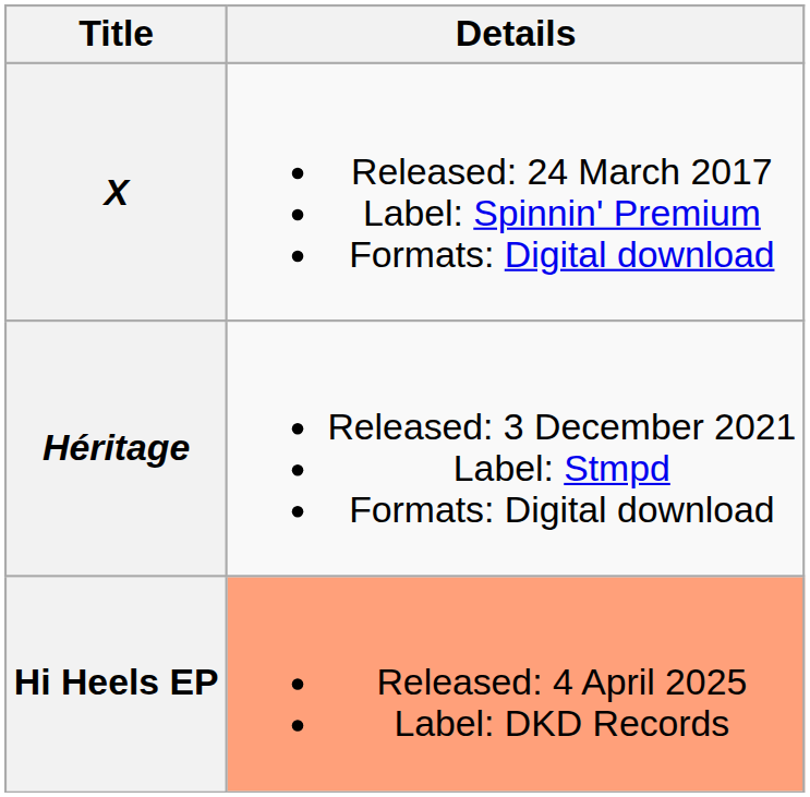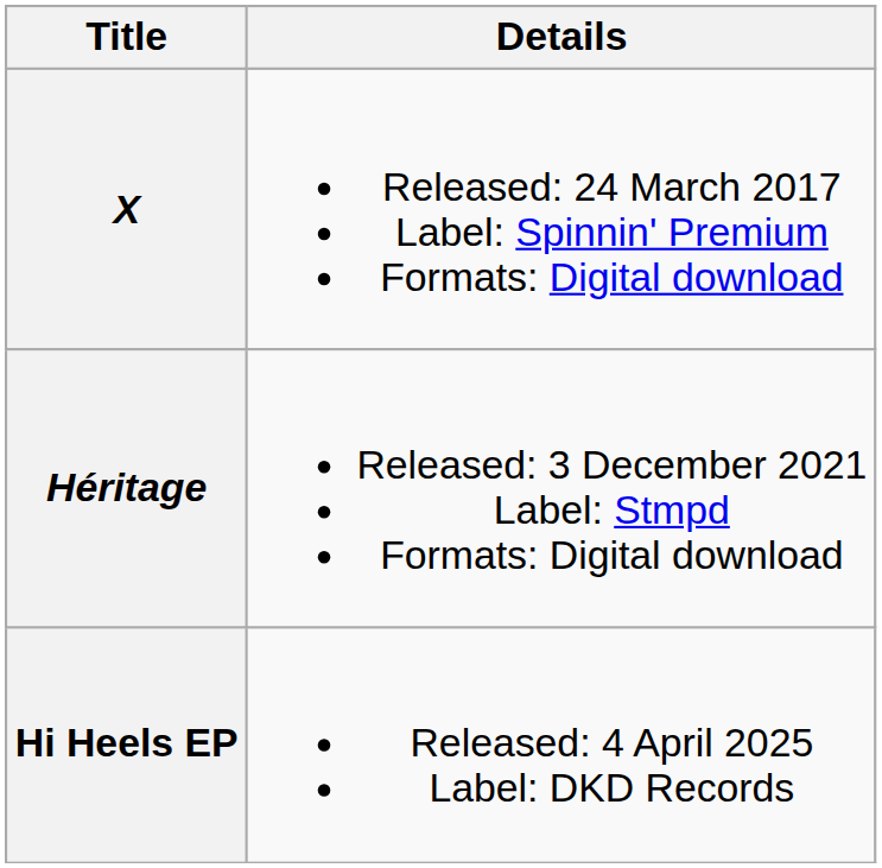 <table class="wikitable plainrowheaders" style="text-align:center;">
 <tr>
 <th scope="col">Title</th>
 <th scope="col">Details</th>
 </tr>
 <tr>
 <th scope="row"><em>X</em></th>
 <td><br><ul><li>Released: 24 March 2017</li><li>Label: <a href='#'>Spinnin' Premium</a></li><li>Formats: <a href='#'>Digital download</a></li></ul></td>
 </tr>
 <tr>
 <th scope="row"><em>Héritage</em></th>
 <td><br><ul><li>Released: 3 December 2021</li><li>Label: <a href='#'>Stmpd</a></li><li>Formats: Digital download</li></ul></td>
 </tr>
 <tr>
 <th>Hi Heels EP</th>
-<td style="background: lightsalmon;"><br><ul><li>Released: 4 April 2025 </li><li>Label: DKD Records</li></ul></td>
+<td><br><ul><li>Released: 4 April 2025 </li><li>Label: DKD Records</li></ul></td>
 </tr>
 </table>
